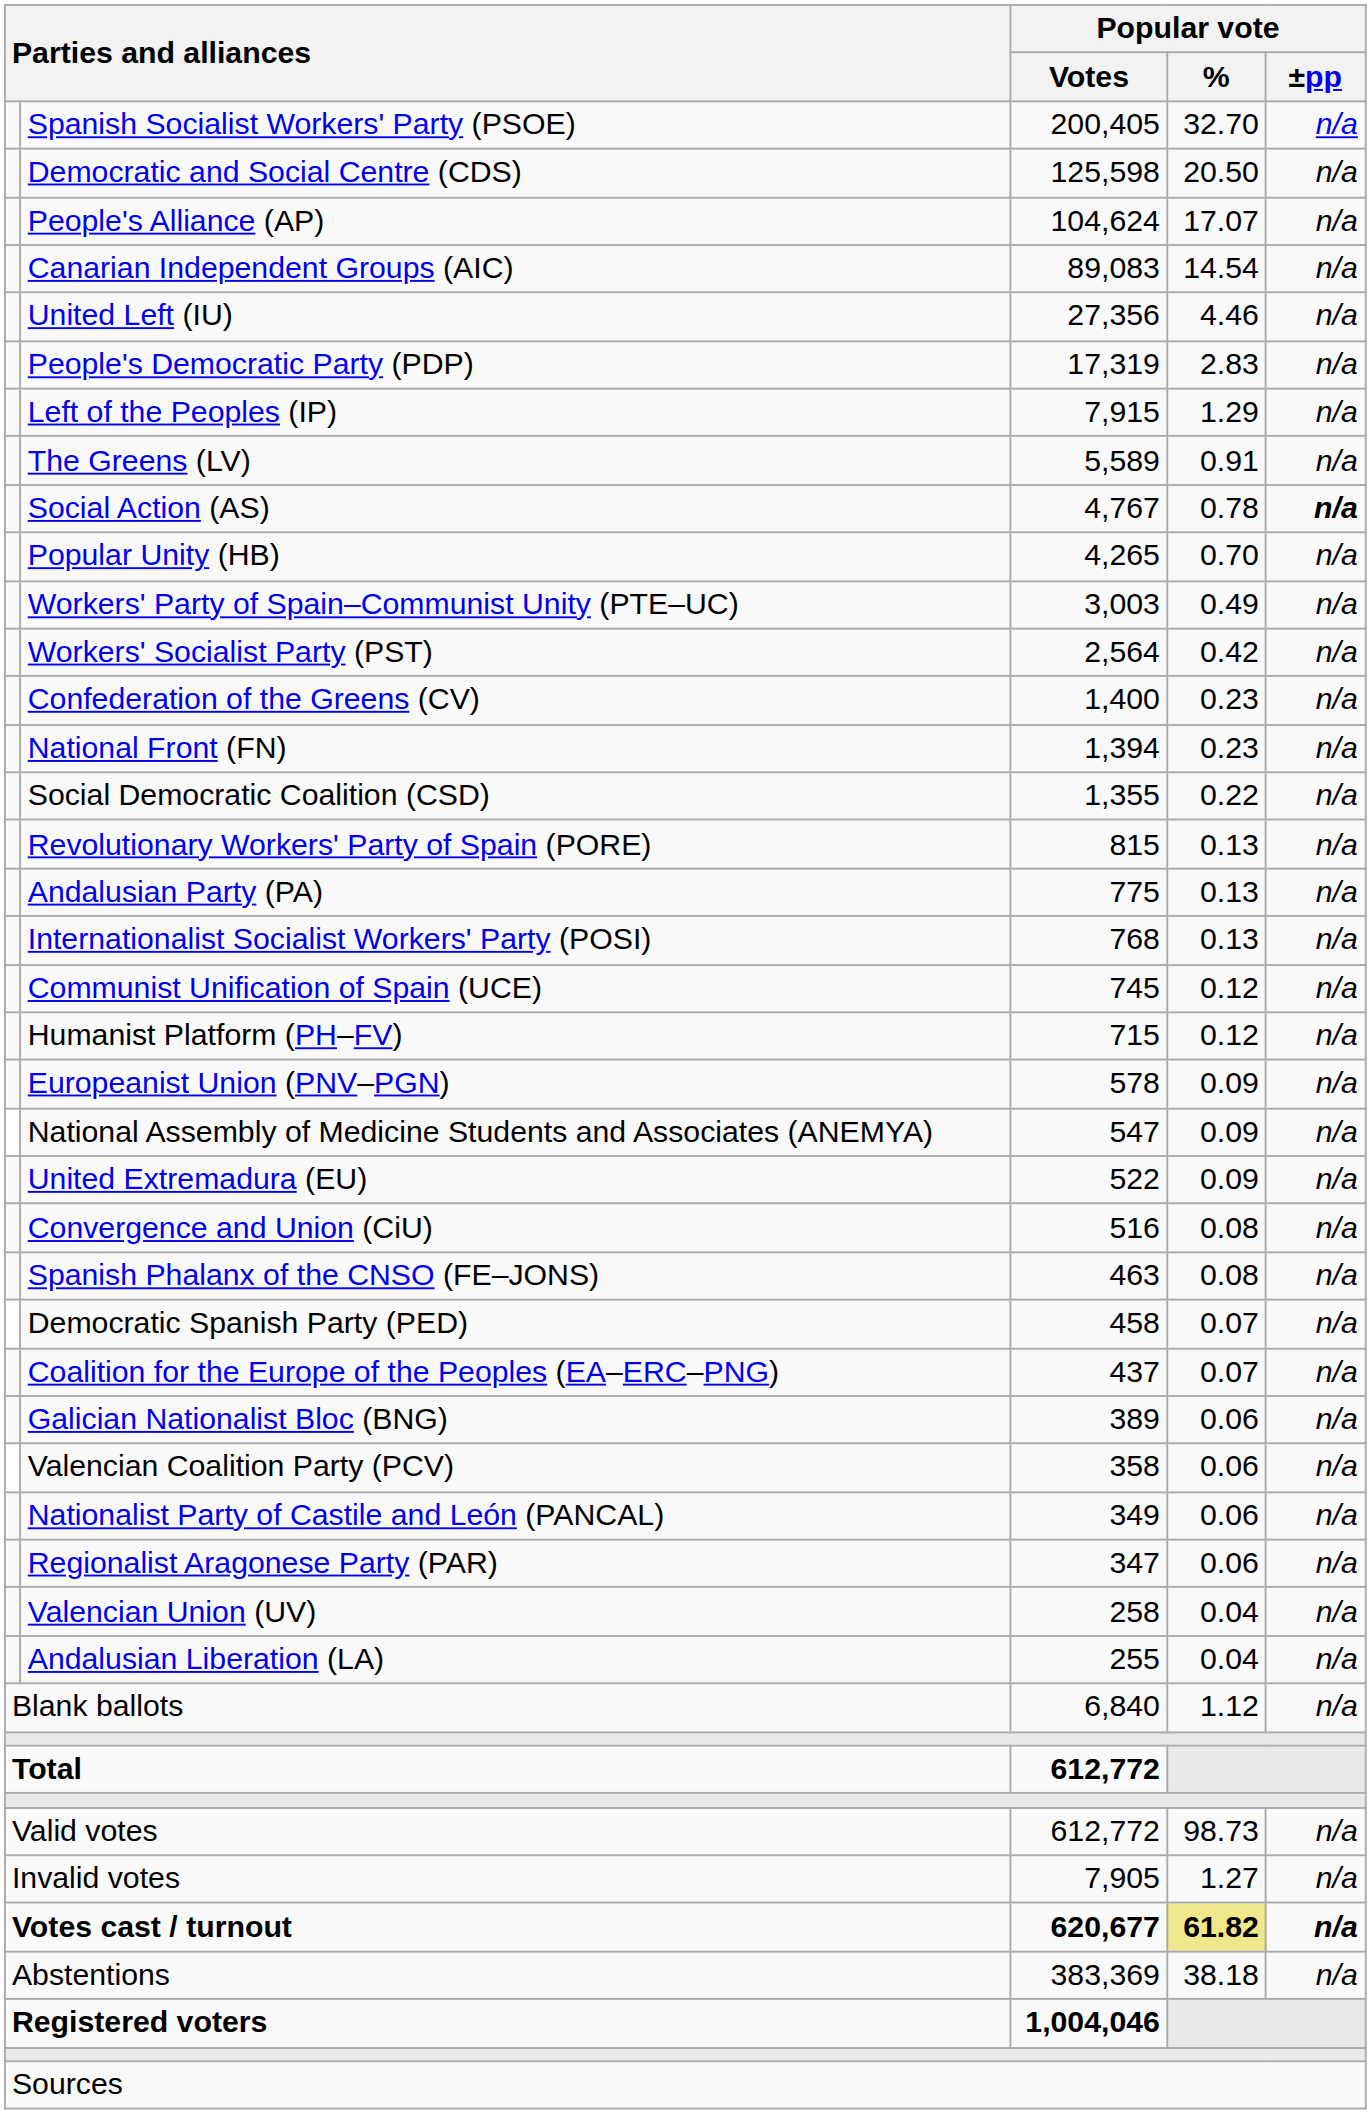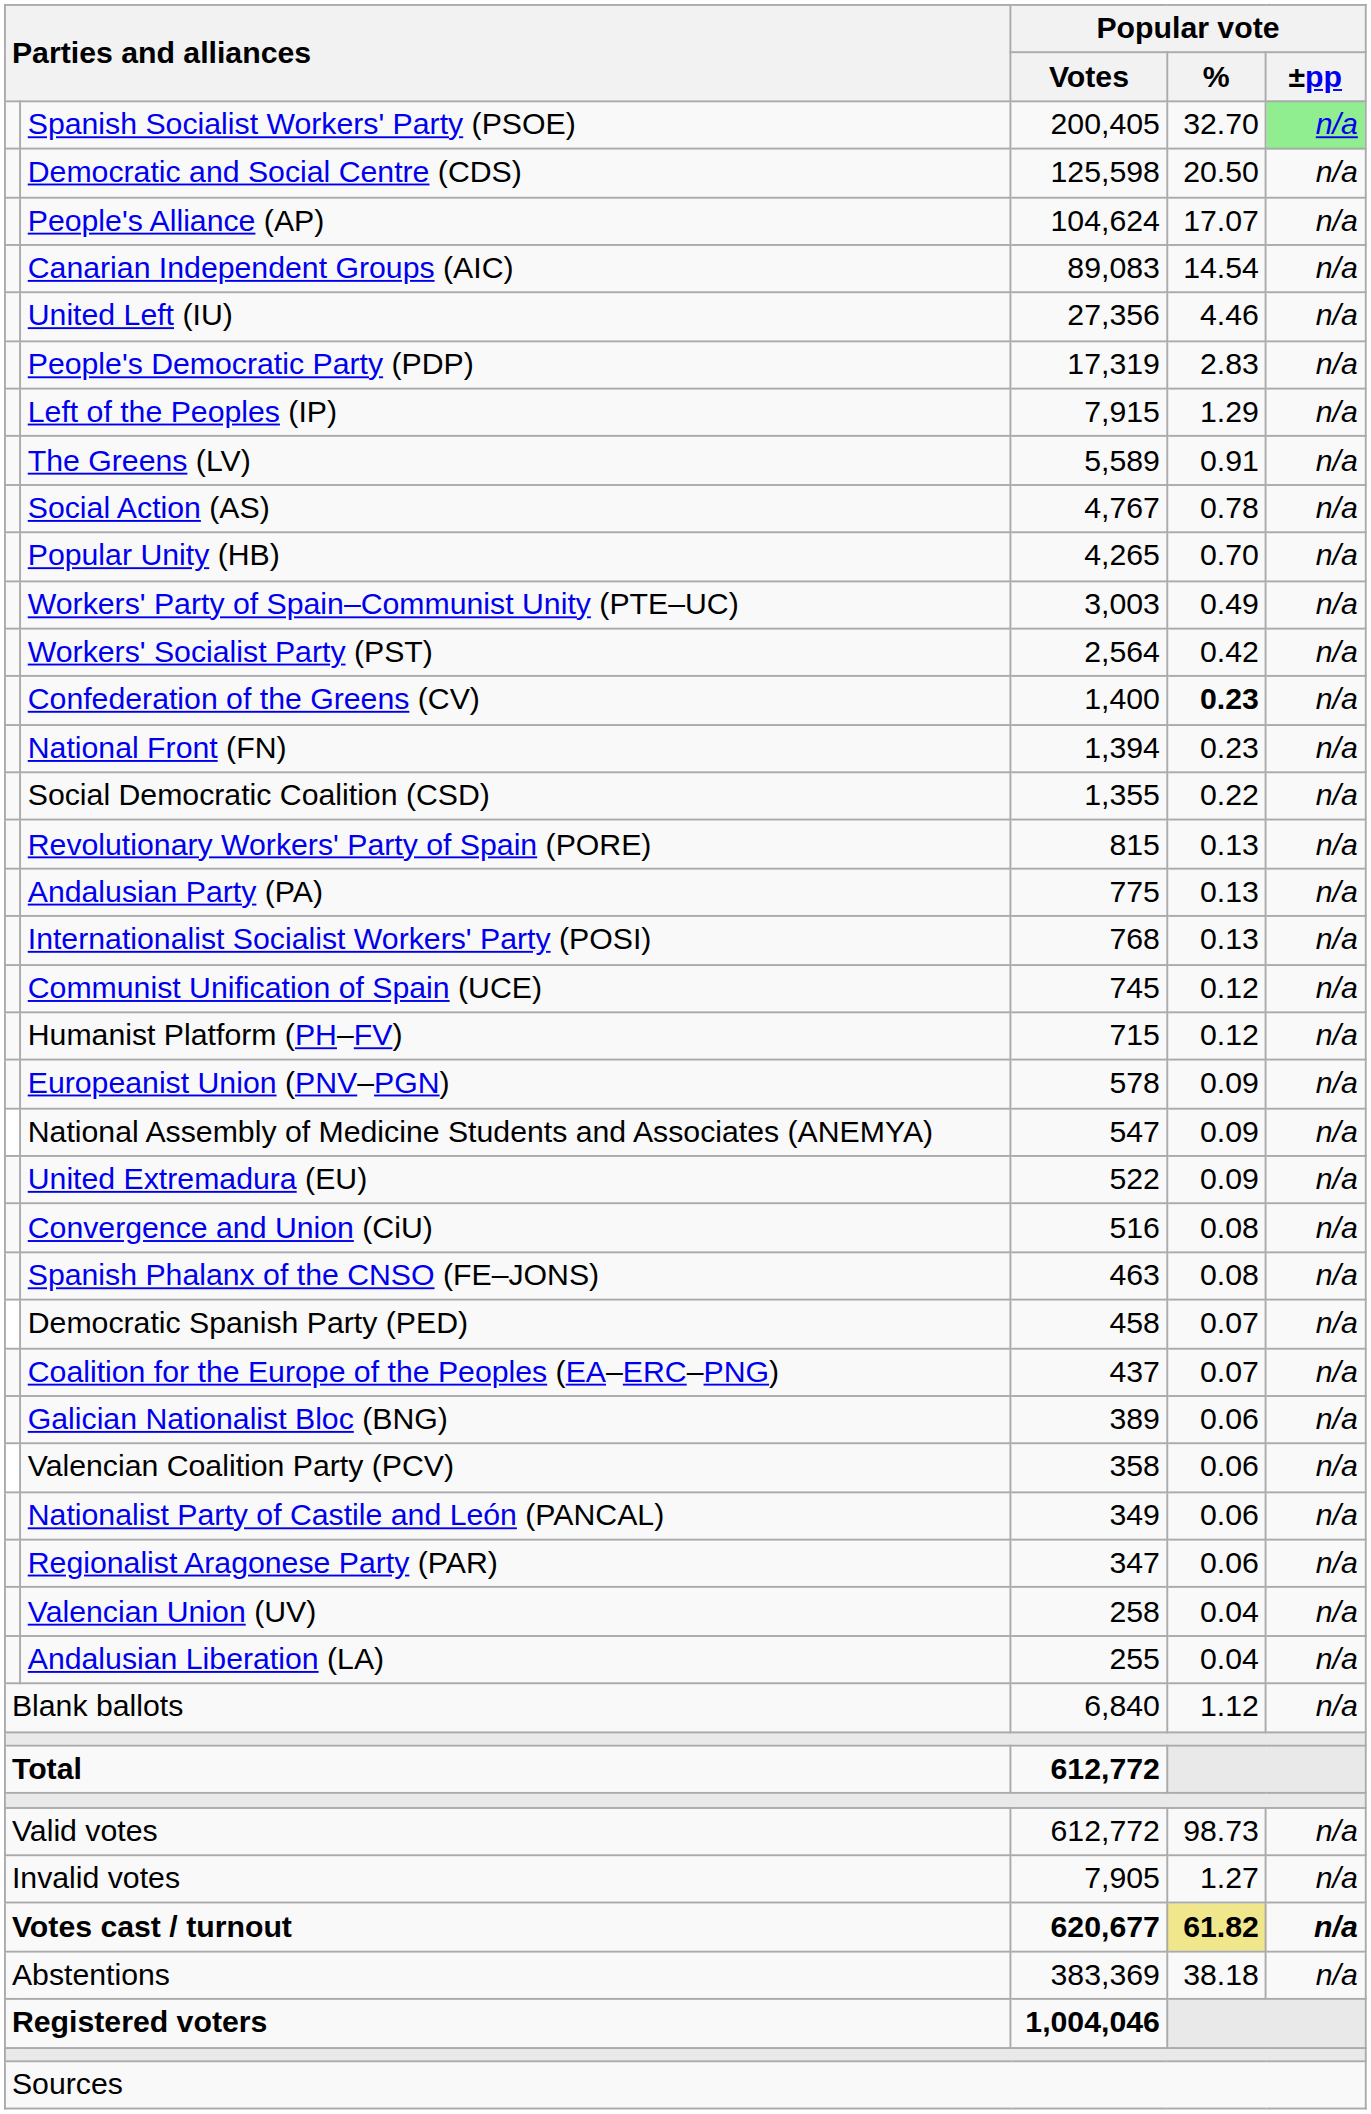 <table class="wikitable" style="text-align:right">
 <tr>
 <th style="text-align:left;" rowspan="2" colspan="2" width="525">Parties and alliances</th>
 <th colspan="3">Popular vote</th>
 </tr>
 <tr>
 <th width="75">Votes</th>
 <th width="45">%</th>
 <th width="45">±<a href='#'>pp</a></th>
 </tr>
 <tr>
 <td width="1" style="color:inherit;background:"></td>
 <td align="left"><a href='#'>Spanish Socialist Workers' Party</a> (PSOE)</td>
 <td>200,405</td>
 <td>32.70</td>
-<td><em><a href='#'>n/a</a></em></td>
+<td style="background: lightgreen;"><em><a href='#'>n/a</a></em></td>
 </tr>
 <tr>
 <td style="color:inherit;background:"></td>
 <td align="left"><a href='#'>Democratic and Social Centre</a> (CDS)</td>
 <td>125,598</td>
 <td>20.50</td>
 <td><em>n/a</em></td>
 </tr>
 <tr>
 <td style="color:inherit;background:"></td>
 <td align="left"><a href='#'>People's Alliance</a> (AP)</td>
 <td>104,624</td>
 <td>17.07</td>
 <td><em>n/a</em></td>
 </tr>
 <tr>
 <td style="color:inherit;background:"></td>
 <td align="left"><a href='#'>Canarian Independent Groups</a> (AIC)</td>
 <td>89,083</td>
 <td>14.54</td>
 <td><em>n/a</em></td>
 </tr>
 <tr>
 <td style="color:inherit;background:"></td>
 <td align="left"><a href='#'>United Left</a> (IU)</td>
 <td>27,356</td>
 <td>4.46</td>
 <td><em>n/a</em></td>
 </tr>
 <tr>
 <td style="color:inherit;background:"></td>
 <td align="left"><a href='#'>People's Democratic Party</a> (PDP)</td>
 <td>17,319</td>
 <td>2.83</td>
 <td><em>n/a</em></td>
 </tr>
 <tr>
 <td style="color:inherit;background:"></td>
 <td align="left"><a href='#'>Left of the Peoples</a> (IP)</td>
 <td>7,915</td>
 <td>1.29</td>
 <td><em>n/a</em></td>
 </tr>
 <tr>
 <td style="color:inherit;background:"></td>
 <td align="left"><a href='#'>The Greens</a> (LV)</td>
 <td>5,589</td>
 <td>0.91</td>
 <td><em>n/a</em></td>
 </tr>
 <tr>
 <td style="color:inherit;background:"></td>
 <td align="left"><a href='#'>Social Action</a> (AS)</td>
 <td>4,767</td>
 <td>0.78</td>
-<td><strong><em>n/a</em></strong></td>
+<td><em>n/a</em></td>
 </tr>
 <tr>
 <td style="color:inherit;background:"></td>
 <td align="left"><a href='#'>Popular Unity</a> (HB)</td>
 <td>4,265</td>
 <td>0.70</td>
 <td><em>n/a</em></td>
 </tr>
 <tr>
 <td style="color:inherit;background:"></td>
 <td align="left"><a href='#'>Workers' Party of Spain–Communist Unity</a> (PTE–UC)</td>
 <td>3,003</td>
 <td>0.49</td>
 <td><em>n/a</em></td>
 </tr>
 <tr>
 <td style="color:inherit;background:"></td>
 <td align="left"><a href='#'>Workers' Socialist Party</a> (PST)</td>
 <td>2,564</td>
 <td>0.42</td>
 <td><em>n/a</em></td>
 </tr>
 <tr>
 <td style="color:inherit;background:"></td>
 <td align="left"><a href='#'>Confederation of the Greens</a> (CV)</td>
 <td>1,400</td>
-<td>0.23</td>
+<td><strong>0.23</strong></td>
 <td><em>n/a</em></td>
 </tr>
 <tr>
 <td style="color:inherit;background:"></td>
 <td align="left"><a href='#'>National Front</a> (FN)</td>
 <td>1,394</td>
 <td>0.23</td>
 <td><em>n/a</em></td>
 </tr>
 <tr>
 <td style="color:inherit;background:"></td>
 <td align="left">Social Democratic Coalition (CSD)</td>
 <td>1,355</td>
 <td>0.22</td>
 <td><em>n/a</em></td>
 </tr>
 <tr>
 <td style="color:inherit;background:"></td>
 <td align="left"><a href='#'>Revolutionary Workers' Party of Spain</a> (PORE)</td>
 <td>815</td>
 <td>0.13</td>
 <td><em>n/a</em></td>
 </tr>
 <tr>
 <td style="color:inherit;background:"></td>
 <td align="left"><a href='#'>Andalusian Party</a> (PA)</td>
 <td>775</td>
 <td>0.13</td>
 <td><em>n/a</em></td>
 </tr>
 <tr>
 <td style="color:inherit;background:"></td>
 <td align="left"><a href='#'>Internationalist Socialist Workers' Party</a> (POSI)</td>
 <td>768</td>
 <td>0.13</td>
 <td><em>n/a</em></td>
 </tr>
 <tr>
 <td style="color:inherit;background:"></td>
 <td align="left"><a href='#'>Communist Unification of Spain</a> (UCE)</td>
 <td>745</td>
 <td>0.12</td>
 <td><em>n/a</em></td>
 </tr>
 <tr>
 <td style="color:inherit;background:"></td>
 <td align="left">Humanist Platform (<a href='#'>PH</a>–<a href='#'>FV</a>)</td>
 <td>715</td>
 <td>0.12</td>
 <td><em>n/a</em></td>
 </tr>
 <tr>
 <td style="color:inherit;background:"></td>
 <td align="left"><a href='#'>Europeanist Union</a> (<a href='#'>PNV</a>–<a href='#'>PGN</a>)</td>
 <td>578</td>
 <td>0.09</td>
 <td><em>n/a</em></td>
 </tr>
 <tr>
 <td bgcolor="white"></td>
 <td align="left">National Assembly of Medicine Students and Associates (ANEMYA)</td>
 <td>547</td>
 <td>0.09</td>
 <td><em>n/a</em></td>
 </tr>
 <tr>
 <td style="color:inherit;background:"></td>
 <td align="left"><a href='#'>United Extremadura</a> (EU)</td>
 <td>522</td>
 <td>0.09</td>
 <td><em>n/a</em></td>
 </tr>
 <tr>
 <td style="color:inherit;background:"></td>
 <td align="left"><a href='#'>Convergence and Union</a> (CiU)</td>
 <td>516</td>
 <td>0.08</td>
 <td><em>n/a</em></td>
 </tr>
 <tr>
 <td style="color:inherit;background:"></td>
 <td align="left"><a href='#'>Spanish Phalanx of the CNSO</a> (FE–JONS)</td>
 <td>463</td>
 <td>0.08</td>
 <td><em>n/a</em></td>
 </tr>
 <tr>
 <td bgcolor="white"></td>
 <td align="left">Democratic Spanish Party (PED)</td>
 <td>458</td>
 <td>0.07</td>
 <td><em>n/a</em></td>
 </tr>
 <tr>
 <td style="color:inherit;background:"></td>
 <td align="left"><a href='#'>Coalition for the Europe of the Peoples</a> (<a href='#'>EA</a>–<a href='#'>ERC</a>–<a href='#'>PNG</a>)</td>
 <td>437</td>
 <td>0.07</td>
 <td><em>n/a</em></td>
 </tr>
 <tr>
 <td style="color:inherit;background:"></td>
 <td align="left"><a href='#'>Galician Nationalist Bloc</a> (BNG)</td>
 <td>389</td>
 <td>0.06</td>
 <td><em>n/a</em></td>
 </tr>
 <tr>
 <td bgcolor="white"></td>
 <td align="left">Valencian Coalition Party (PCV)</td>
 <td>358</td>
 <td>0.06</td>
 <td><em>n/a</em></td>
 </tr>
 <tr>
 <td style="color:inherit;background:"></td>
 <td align="left"><a href='#'>Nationalist Party of Castile and León</a> (PANCAL)</td>
 <td>349</td>
 <td>0.06</td>
 <td><em>n/a</em></td>
 </tr>
 <tr>
 <td style="color:inherit;background:"></td>
 <td align="left"><a href='#'>Regionalist Aragonese Party</a> (PAR)</td>
 <td>347</td>
 <td>0.06</td>
 <td><em>n/a</em></td>
 </tr>
 <tr>
 <td style="color:inherit;background:"></td>
 <td align="left"><a href='#'>Valencian Union</a> (UV)</td>
 <td>258</td>
 <td>0.04</td>
 <td><em>n/a</em></td>
 </tr>
 <tr>
 <td style="color:inherit;background:"></td>
 <td align="left"><a href='#'>Andalusian Liberation</a> (LA)</td>
 <td>255</td>
 <td>0.04</td>
 <td><em>n/a</em></td>
 </tr>
 <tr>
 <td align="left" colspan="2">Blank ballots</td>
 <td>6,840</td>
 <td>1.12</td>
 <td><em>n/a</em></td>
 </tr>
 <tr>
 <td colspan="5" bgcolor="#E9E9E9"></td>
 </tr>
 <tr style="font-weight:bold;">
 <td align="left" colspan="2">Total</td>
 <td>612,772</td>
 <td bgcolor="#E9E9E9" colspan="2"></td>
 </tr>
 <tr>
 <td colspan="5" bgcolor="#E9E9E9"></td>
 </tr>
 <tr>
 <td align="left" colspan="2">Valid votes</td>
 <td>612,772</td>
 <td>98.73</td>
 <td><em>n/a</em></td>
 </tr>
 <tr>
 <td align="left" colspan="2">Invalid votes</td>
 <td>7,905</td>
 <td>1.27</td>
 <td><em>n/a</em></td>
 </tr>
 <tr style="font-weight:bold;">
 <td align="left" colspan="2">Votes cast / turnout</td>
 <td>620,677</td>
 <td style="background: khaki;">61.82</td>
 <td><em>n/a</em></td>
 </tr>
 <tr>
 <td align="left" colspan="2">Abstentions</td>
 <td>383,369</td>
 <td>38.18</td>
 <td><em>n/a</em></td>
 </tr>
 <tr style="font-weight:bold;">
 <td align="left" colspan="2">Registered voters</td>
 <td>1,004,046</td>
 <td bgcolor="#E9E9E9" colspan="2"></td>
 </tr>
 <tr>
 <td colspan="5" bgcolor="#E9E9E9"></td>
 </tr>
 <tr>
 <td align="left" colspan="5">Sources</td>
 </tr>
 </table>
